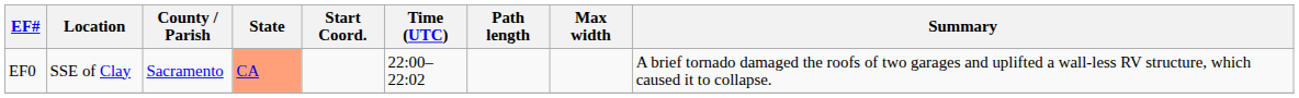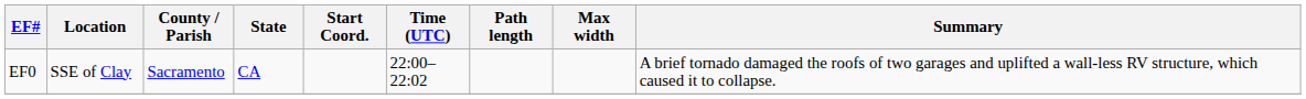 <table class="wikitable sortable" style="width:100%;">
 <tr>
 <th scope="col"  style="width:3%; text-align:center;"><a href='#'>EF#</a></th>
 <th scope="col"  style="width:7%; text-align:center;" class="unsortable">Location</th>
 <th scope="col"  style="width:6%; text-align:center;" class="unsortable">County / Parish</th>
 <th scope="col"  style="width:5%; text-align:center;">State</th>
 <th scope="col"  style="width:6%; text-align:center;">Start Coord.</th>
 <th scope="col"  style="width:6%; text-align:center;">Time (<a href='#'>UTC</a>)</th>
 <th scope="col"  style="width:6%; text-align:center;">Path length</th>
 <th scope="col"  style="width:6%; text-align:center;">Max width</th>
 <th scope="col" class="unsortable" style="width:48%; text-align:center;">Summary</th>
 </tr>
 <tr>
 <td>EF0</td>
 <td>SSE of <a href='#'>Clay</a></td>
 <td><a href='#'>Sacramento</a></td>
-<td style="background: lightsalmon;"><a href='#'>CA</a></td>
+<td><a href='#'>CA</a></td>
 <td></td>
 <td>22:00–22:02</td>
 <td></td>
 <td></td>
 <td>A brief tornado damaged the roofs of two garages and uplifted a wall-less RV structure, which caused it to collapse.</td>
 </tr>
 <tr>
 </tr>
 </table>
